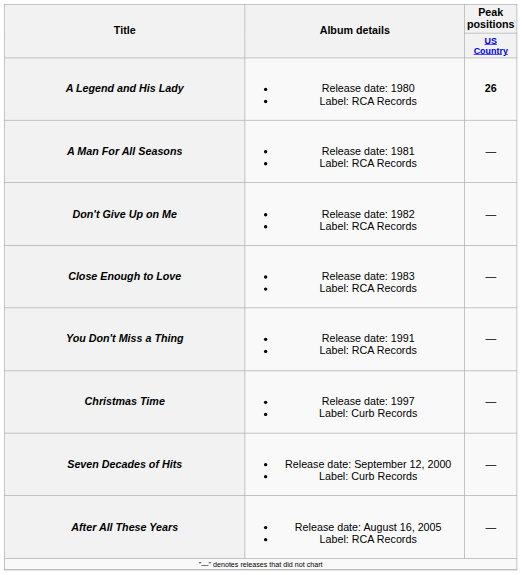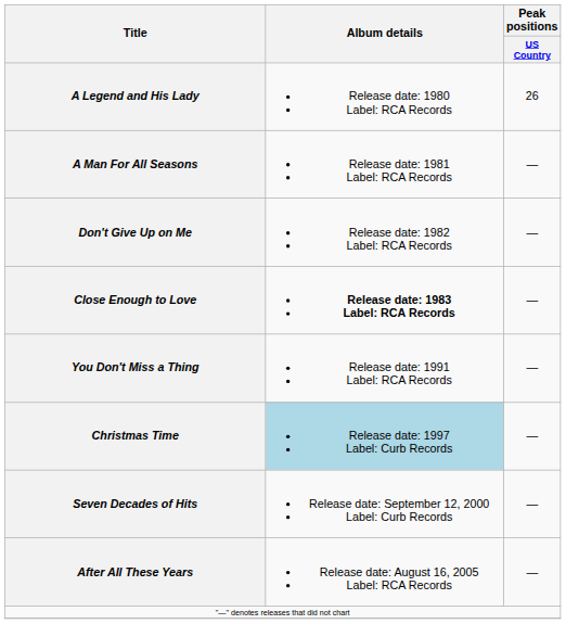 <table class="wikitable plainrowheaders" style="text-align:center;">
 <tr>
 <th rowspan="2" style="width:22em;">Title</th>
 <th rowspan="2" style="width:20em;">Album details</th>
 <th>Peak positions</th>
 </tr>
 <tr style="font-size:smaller;">
 <th width="65"><a href='#'>US Country</a></th>
 </tr>
 <tr>
 <th scope="row"><em>A Legend and His Lady</em></th>
 <td><br><ul><li>Release date: 1980</li><li>Label: RCA Records</li></ul></td>
-<td><strong>26</strong></td>
+<td>26</td>
 </tr>
 <tr>
 <th scope="row"><em>A Man For All Seasons</em></th>
 <td><br><ul><li>Release date: 1981</li><li>Label: RCA Records</li></ul></td>
 <td>—</td>
 </tr>
 <tr>
 <th scope="row"><em>Don't Give Up on Me</em></th>
 <td><br><ul><li>Release date: 1982</li><li>Label: RCA Records</li></ul></td>
 <td>—</td>
 </tr>
 <tr>
 <th scope="row"><em>Close Enough to Love</em></th>
-<td><br><ul><li>Release date: 1983</li><li>Label: RCA Records</li></ul></td>
+<td><strong><br><ul><li>Release date: 1983</li><li>Label: RCA Records</li></ul></strong></td>
 <td>—</td>
 </tr>
 <tr>
 <th scope="row"><em>You Don't Miss a Thing</em></th>
 <td><br><ul><li>Release date: 1991</li><li>Label: RCA Records</li></ul></td>
 <td>—</td>
 </tr>
 <tr>
 <th scope="row"><em>Christmas Time</em></th>
-<td><br><ul><li>Release date: 1997</li><li>Label: Curb Records</li></ul></td>
+<td style="background: lightblue;"><br><ul><li>Release date: 1997</li><li>Label: Curb Records</li></ul></td>
 <td>—</td>
 </tr>
 <tr>
 <th scope="row"><em>Seven Decades of Hits</em></th>
 <td><br><ul><li>Release date: September 12, 2000</li><li>Label: Curb Records</li></ul></td>
 <td>—</td>
 </tr>
 <tr>
 <th scope="row"><em>After All These Years</em></th>
 <td><br><ul><li>Release date: August 16, 2005</li><li>Label: RCA Records</li></ul></td>
 <td>—</td>
 </tr>
 <tr>
 <td colspan="3" style="font-size: 8pt">"—" denotes releases that did not chart</td>
 </tr>
 <tr>
 </tr>
 </table>
